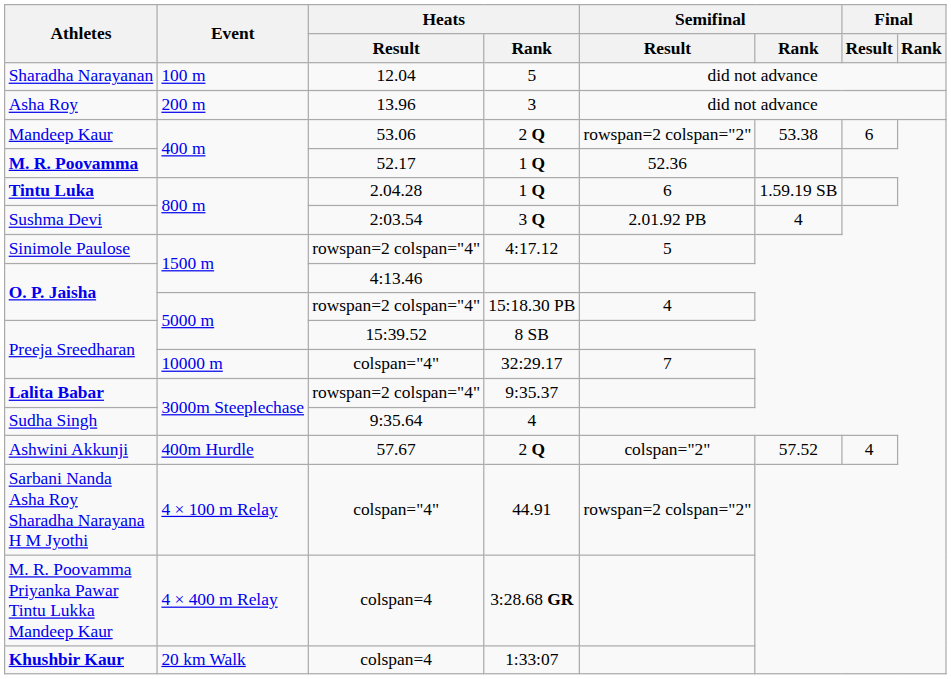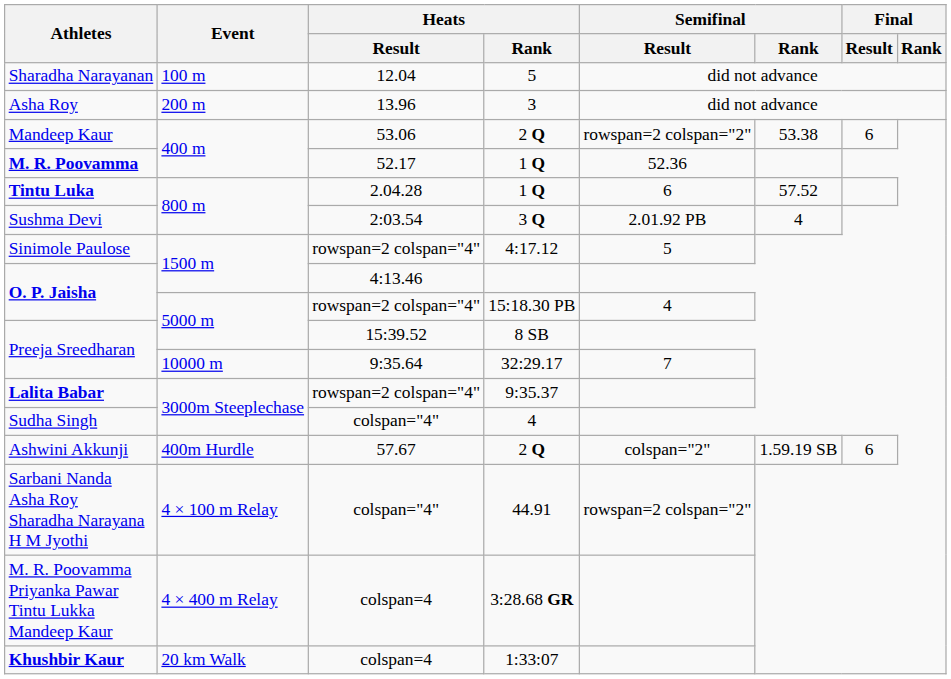 <table class="wikitable" style="text-align:center; font-size:90%">
 <tr>
 <th rowspan=2>Athletes</th>
 <th rowspan=2>Event</th>
 <th colspan=2>Heats</th>
 <th colspan=2>Semifinal</th>
 <th colspan=2>Final</th>
 </tr>
 <tr>
 <th>Result</th>
 <th>Rank</th>
 <th>Result</th>
 <th>Rank</th>
 <th>Result</th>
 <th>Rank</th>
 </tr>
 <tr>
 <td align=left><a href='#'>Sharadha Narayanan</a></td>
 <td align=left><a href='#'>100 m</a></td>
 <td>12.04</td>
 <td>5</td>
 <td colspan=4>did not advance</td>
 </tr>
 <tr>
 <td align=left><a href='#'>Asha Roy</a></td>
 <td align=left><a href='#'>200 m</a></td>
 <td>13.96</td>
 <td>3</td>
 <td colspan=4>did not advance</td>
 </tr>
 <tr>
 <td align=left><a href='#'>Mandeep Kaur</a></td>
 <td align=left rowspan=2><a href='#'>400 m</a></td>
 <td>53.06</td>
 <td>2 <strong>Q</strong></td>
 <td>rowspan=2 colspan="2" </td>
 <td>53.38</td>
 <td>6</td>
 </tr>
 <tr>
 <td align=left><strong><a href='#'>M. R. Poovamma</a></strong></td>
 <td>52.17</td>
 <td>1 <strong>Q</strong></td>
 <td>52.36</td>
 <td></td>
 </tr>
 <tr>
 <td align=left><strong><a href='#'>Tintu Luka</a></strong></td>
 <td align=left rowspan=2><a href='#'>800 m</a></td>
 <td>2.04.28</td>
 <td>1 <strong>Q</strong></td>
 <td>6</td>
-<td>1.59.19 SB</td>
+<td>57.52</td>
 <td></td>
 </tr>
 <tr>
 <td align=left><a href='#'>Sushma Devi</a></td>
 <td>2:03.54</td>
 <td>3 <strong>Q</strong></td>
 <td>2.01.92 PB</td>
 <td>4</td>
 </tr>
 <tr>
 <td align=left><a href='#'>Sinimole Paulose</a></td>
 <td align=left rowspan=2><a href='#'>1500 m</a></td>
 <td>rowspan=2 colspan="4" </td>
 <td>4:17.12</td>
 <td>5</td>
 </tr>
 <tr>
 <td align=left rowspan=2><strong><a href='#'>O. P. Jaisha</a></strong></td>
 <td>4:13.46</td>
 <td></td>
 </tr>
 <tr>
 <td align=left rowspan=2><a href='#'>5000 m</a></td>
 <td>rowspan=2 colspan="4" </td>
 <td>15:18.30 PB</td>
 <td>4</td>
 </tr>
 <tr>
 <td align=left rowspan=2><a href='#'>Preeja Sreedharan</a></td>
 <td>15:39.52</td>
 <td>8 SB</td>
 </tr>
 <tr>
 <td align=left><a href='#'>10000 m</a></td>
-<td>colspan="4" </td>
+<td>9:35.64 </td>
 <td>32:29.17</td>
 <td>7</td>
 </tr>
 <tr>
 <td align=left><strong><a href='#'>Lalita Babar</a></strong></td>
 <td align=left rowspan=2><a href='#'>3000m Steeplechase</a></td>
 <td>rowspan=2 colspan="4" </td>
 <td>9:35.37 </td>
 <td></td>
 </tr>
 <tr>
 <td align=left><a href='#'>Sudha Singh</a></td>
-<td>9:35.64 </td>
+<td>colspan="4" </td>
 <td>4</td>
 </tr>
 <tr>
 <td align=left><a href='#'>Ashwini Akkunji</a></td>
 <td align=left><a href='#'>400m Hurdle</a></td>
 <td>57.67</td>
 <td>2 <strong>Q</strong></td>
 <td>colspan="2" </td>
-<td>57.52</td>
-<td>4</td>
+<td>1.59.19 SB</td>
+<td>6</td>
 </tr>
 <tr>
 <td align=left><a href='#'>Sarbani Nanda</a> <br><a href='#'>Asha Roy</a><br> <a href='#'>Sharadha Narayana</a><br> <a href='#'>H M Jyothi</a></td>
 <td align=left><a href='#'>4 × 100 m Relay</a></td>
 <td>colspan="4" </td>
 <td>44.91</td>
 <td>rowspan=2 colspan="2" </td>
 </tr>
 <tr>
 <td align=left><a href='#'>M. R. Poovamma</a> <br><a href='#'>Priyanka Pawar</a><br> <a href='#'>Tintu Lukka</a><br> <a href='#'>Mandeep Kaur</a> <br></td>
 <td align=left><a href='#'>4 × 400 m Relay</a></td>
 <td>colspan=4 </td>
 <td>3:28.68 <strong>GR</strong></td>
 <td></td>
 </tr>
 <tr>
 <td align=left><strong><a href='#'>Khushbir Kaur</a></strong></td>
 <td align=left><a href='#'>20 km Walk</a></td>
 <td>colspan=4 </td>
 <td>1:33:07</td>
 <td></td>
 </tr>
 </table>
